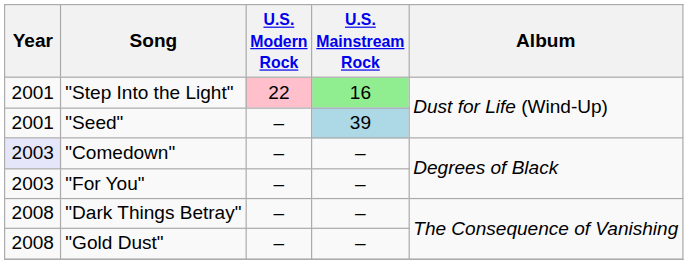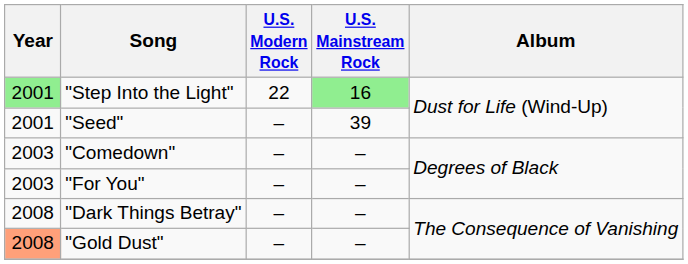 <table class="wikitable">
 <tr>
 <th width="40">Year</th>
 <th>Song</th>
 <th width="40"><small><a href='#'>U.S. Modern Rock</a></small></th>
 <th width="40"><small><a href='#'>U.S. Mainstream Rock</a></small></th>
 <th>Album</th>
 </tr>
 <tr>
-<td align="center">2001</td>
+<td align="center" style="background: lightgreen;">2001</td>
 <td>"Step Into the Light"</td>
-<td align="center" style="background: pink;">22</td>
+<td align="center">22</td>
 <td align="center" style="background: lightgreen;">16</td>
 <td rowspan="2"><em>Dust for Life</em> (Wind-Up)</td>
 </tr>
 <tr>
 <td align="center">2001</td>
 <td>"Seed"</td>
 <td align="center">–</td>
-<td align="center" style="background: lightblue;">39</td>
+<td align="center">39</td>
 </tr>
 <tr>
-<td align="center" style="background: lavender;">2003</td>
+<td align="center">2003</td>
 <td>"Comedown"</td>
 <td align="center">–</td>
 <td align="center">–</td>
 <td rowspan="2"><em>Degrees of Black</em></td>
 </tr>
 <tr>
 <td align="center">2003</td>
 <td>"For You"</td>
 <td align="center">–</td>
 <td align="center">–</td>
 </tr>
 <tr>
 <td align="center">2008</td>
 <td>"Dark Things Betray"</td>
 <td align="center">–</td>
 <td align="center">–</td>
 <td rowspan="2"><em>The Consequence of Vanishing</em></td>
 </tr>
 <tr>
-<td align="center">2008</td>
+<td align="center" style="background: lightsalmon;">2008</td>
 <td>"Gold Dust"</td>
 <td align="center">–</td>
 <td align="center">–</td>
 </tr>
 <tr>
 </tr>
 </table>
